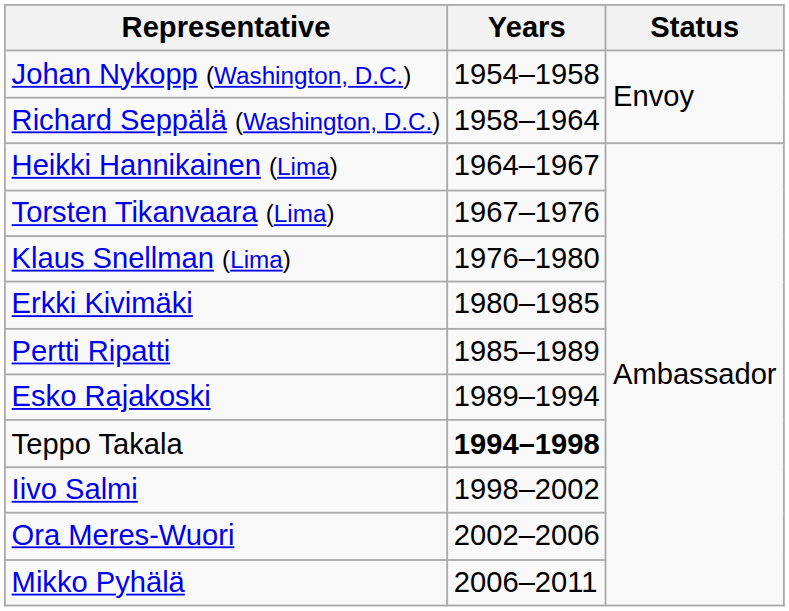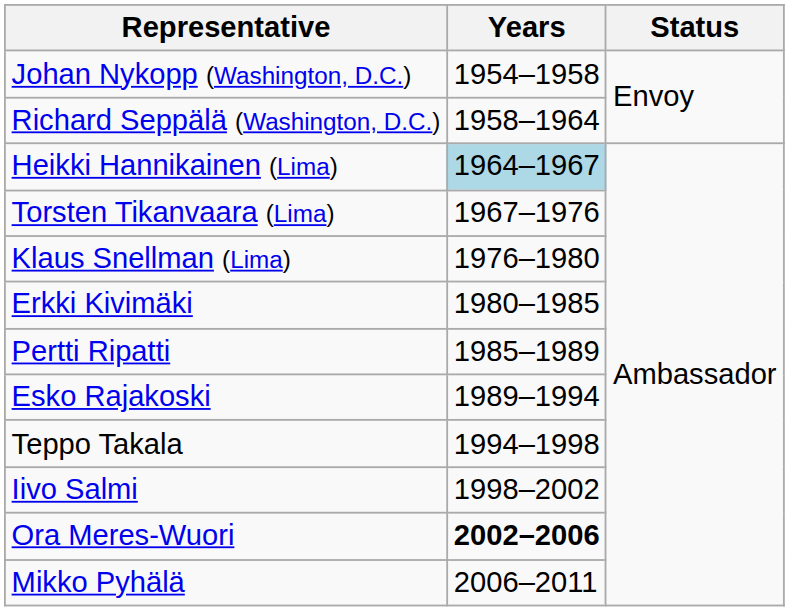 <table class="wikitable sortable">
 <tr>
 <th>Representative</th>
 <th>Years</th>
 <th>Status</th>
 </tr>
 <tr>
 <td><a href='#'>Johan Nykopp</a> <small>(<a href='#'>Washington, D.C.</a>)</small></td>
 <td>1954–1958</td>
 <td rowspan="2">Envoy</td>
 </tr>
 <tr>
 <td><a href='#'>Richard Seppälä</a> <small>(<a href='#'>Washington, D.C.</a>)</small></td>
 <td>1958–1964</td>
 </tr>
 <tr>
 <td><a href='#'>Heikki Hannikainen</a> <small>(<a href='#'>Lima</a>)</small></td>
-<td>1964–1967</td>
+<td style="background: lightblue;">1964–1967</td>
 <td rowspan="10">Ambassador</td>
 </tr>
 <tr>
 <td><a href='#'>Torsten Tikanvaara</a> <small>(<a href='#'>Lima</a>)</small></td>
 <td>1967–1976</td>
 </tr>
 <tr>
 <td><a href='#'>Klaus Snellman</a> <small>(<a href='#'>Lima</a>)</small></td>
 <td>1976–1980</td>
 </tr>
 <tr>
 <td><a href='#'>Erkki Kivimäki</a></td>
 <td>1980–1985</td>
 </tr>
 <tr>
 <td><a href='#'>Pertti Ripatti</a></td>
 <td>1985–1989</td>
 </tr>
 <tr>
 <td><a href='#'>Esko Rajakoski</a></td>
 <td>1989–1994</td>
 </tr>
 <tr>
 <td>Teppo Takala</td>
-<td><strong>1994–1998</strong></td>
+<td>1994–1998</td>
 </tr>
 <tr>
 <td><a href='#'>Iivo Salmi</a></td>
 <td>1998–2002</td>
 </tr>
 <tr>
 <td><a href='#'>Ora Meres-Wuori</a></td>
-<td>2002–2006</td>
+<td><strong>2002–2006</strong></td>
 </tr>
 <tr>
 <td><a href='#'>Mikko Pyhälä</a></td>
 <td>2006–2011</td>
 </tr>
 </table>
